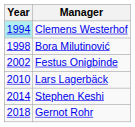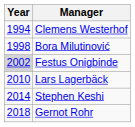 <table class="wikitable">
 <tr>
 <th>Year</th>
 <th>Manager</th>
 </tr>
 <tr>
-<td align=center style="background: paleturquoise;"><a href='#'>1994</a></td>
+<td align=center><a href='#'>1994</a></td>
 <td> <a href='#'>Clemens Westerhof</a></td>
 </tr>
 <tr>
 <td align=center><a href='#'>1998</a></td>
 <td> <a href='#'>Bora Milutinović</a></td>
 </tr>
 <tr>
-<td align=center><a href='#'>2002</a></td>
+<td align=center style="background: lightgrey;"><a href='#'>2002</a></td>
 <td> <a href='#'>Festus Onigbinde</a></td>
 </tr>
 <tr>
 <td align=center><a href='#'>2010</a></td>
 <td> <a href='#'>Lars Lagerbäck</a></td>
 </tr>
 <tr>
 <td align=center><a href='#'>2014</a></td>
 <td> <a href='#'>Stephen Keshi</a></td>
 </tr>
 <tr>
 <td align=center><a href='#'>2018</a></td>
 <td> <a href='#'>Gernot Rohr</a></td>
 </tr>
 </table>
